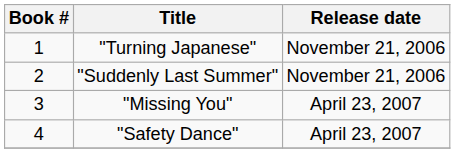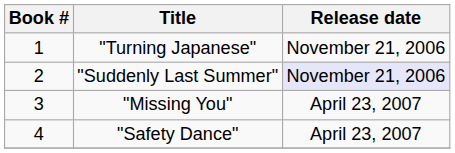 <table class="wikitable">
 <tr>
 <th>Book #</th>
 <th>Title</th>
 <th>Release date</th>
 </tr>
 <tr>
 <td align="center">1</td>
 <td align="center">"Turning Japanese"</td>
 <td align="center">November 21, 2006</td>
 </tr>
 <tr>
 <td align="center">2</td>
 <td align="center">"Suddenly Last Summer"</td>
-<td align="center">November 21, 2006</td>
+<td align="center" style="background: lavender;">November 21, 2006</td>
 </tr>
 <tr>
 <td align="center">3</td>
 <td align="center">"Missing You"</td>
 <td align="center">April 23, 2007</td>
 </tr>
 <tr>
 <td align="center">4</td>
 <td align="center">"Safety Dance"</td>
 <td align="center">April 23, 2007</td>
 </tr>
 <tr>
 </tr>
 </table>
